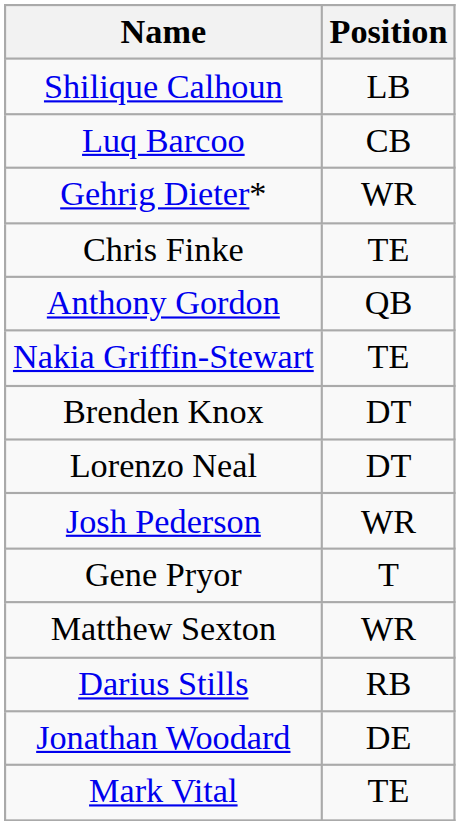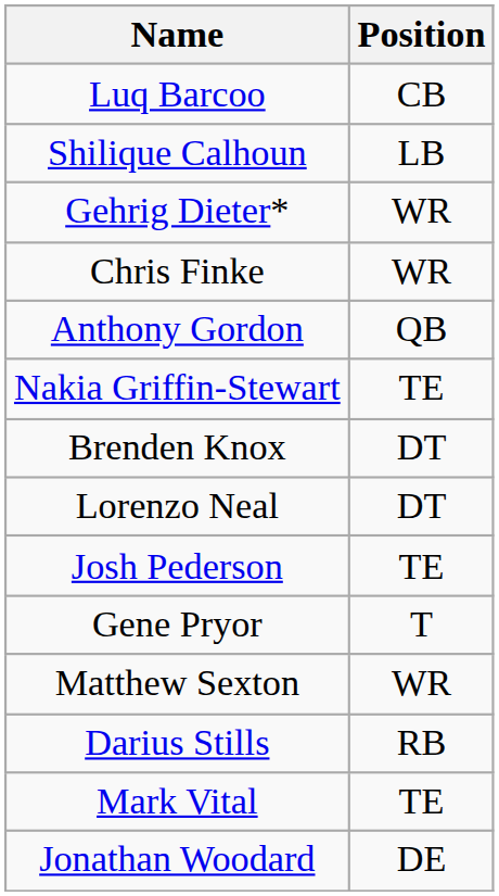 <table class="wikitable" style="text-align:center">
 <tr>
 <th>Name</th>
 <th>Position</th>
 </tr>
 <tr>
+<td><a href='#'>Luq Barcoo</a></td>
+<td>CB</td>
+</tr>
+<tr>
 <td><a href='#'>Shilique Calhoun</a></td>
 <td>LB</td>
-</tr>
-<tr>
-<td><a href='#'>Luq Barcoo</a></td>
-<td>CB</td>
 </tr>
 <tr>
 <td><a href='#'>Gehrig Dieter</a>*</td>
 <td>WR</td>
 </tr>
 <tr>
 <td>Chris Finke</td>
-<td>TE</td>
+<td>WR</td>
 </tr>
 <tr>
 <td><a href='#'>Anthony Gordon</a></td>
 <td>QB</td>
 </tr>
 <tr>
 <td><a href='#'>Nakia Griffin-Stewart</a></td>
 <td>TE</td>
 </tr>
 <tr>
 <td>Brenden Knox</td>
 <td>DT</td>
 </tr>
 <tr>
 <td>Lorenzo Neal</td>
 <td>DT</td>
 </tr>
 <tr>
 <td><a href='#'>Josh Pederson</a></td>
-<td>WR</td>
+<td>TE</td>
 </tr>
 <tr>
 <td>Gene Pryor</td>
 <td>T</td>
 </tr>
 <tr>
 <td>Matthew Sexton</td>
 <td>WR</td>
 </tr>
 <tr>
 <td><a href='#'>Darius Stills</a></td>
 <td>RB</td>
 </tr>
 <tr>
+<td><a href='#'>Mark Vital</a></td>
+<td>TE</td>
+</tr>
+<tr>
 <td><a href='#'>Jonathan Woodard</a></td>
 <td>DE</td>
 </tr>
-<tr>
-<td><a href='#'>Mark Vital</a></td>
-<td>TE</td>
-</tr>
 </table>
